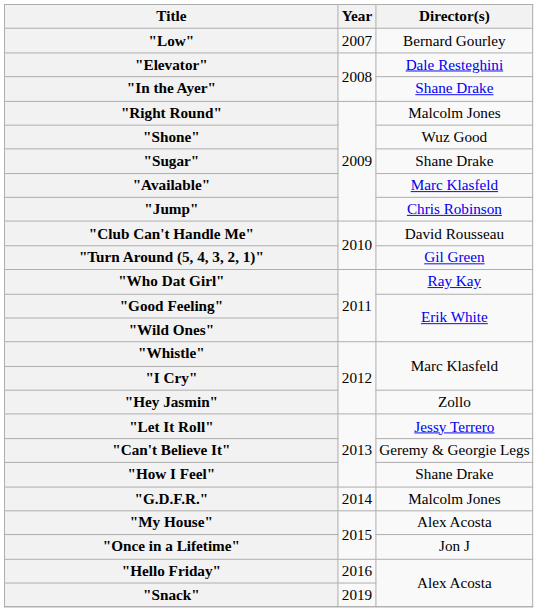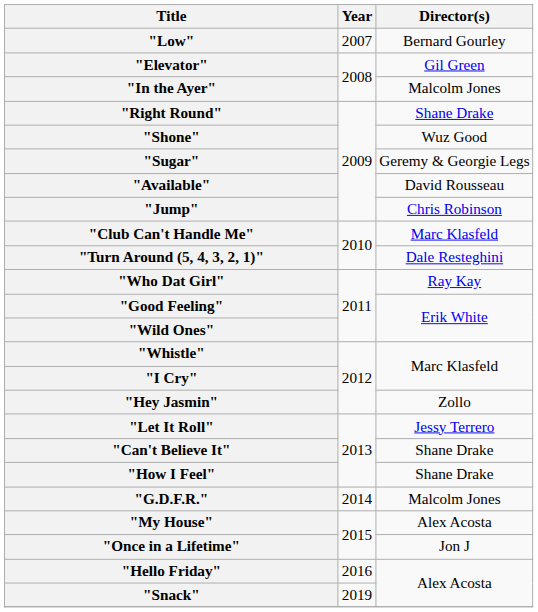 <table class="wikitable plainrowheaders" style="text-align:center;">
 <tr>
 <th scope="col" style="width:21.5em;">Title</th>
 <th scope="col">Year</th>
 <th scope="col">Director(s)</th>
 </tr>
 <tr>
 <th scope="row">"Low"<br></th>
 <td>2007</td>
 <td>Bernard Gourley</td>
 </tr>
 <tr>
 <th scope="row">"Elevator"<br></th>
 <td rowspan="2">2008</td>
-<td><a href='#'>Dale Resteghini</a></td>
+<td><a href='#'>Gil Green</a></td>
 </tr>
 <tr>
 <th scope="row">"In the Ayer"<br></th>
-<td><a href='#'>Shane Drake</a></td>
+<td>Malcolm Jones</td>
 </tr>
 <tr>
 <th scope="row">"Right Round"<br></th>
 <td rowspan="5">2009</td>
-<td>Malcolm Jones</td>
+<td><a href='#'>Shane Drake</a></td>
 </tr>
 <tr>
 <th scope="row">"Shone"<br></th>
 <td>Wuz Good</td>
 </tr>
 <tr>
 <th scope="row">"Sugar"<br></th>
-<td>Shane Drake</td>
+<td>Geremy & Georgie Legs</td>
 </tr>
 <tr>
 <th scope="row">"Available"<br></th>
-<td><a href='#'>Marc Klasfeld</a></td>
+<td>David Rousseau</td>
 </tr>
 <tr>
 <th scope="row">"Jump"<br></th>
 <td><a href='#'>Chris Robinson</a></td>
 </tr>
 <tr>
 <th scope="row">"Club Can't Handle Me"<br></th>
 <td rowspan="2">2010</td>
-<td>David Rousseau</td>
+<td><a href='#'>Marc Klasfeld</a></td>
 </tr>
 <tr>
 <th scope="row">"Turn Around (5, 4, 3, 2, 1)"</th>
-<td><a href='#'>Gil Green</a></td>
+<td><a href='#'>Dale Resteghini</a></td>
 </tr>
 <tr>
 <th scope="row">"Who Dat Girl"<br></th>
 <td rowspan="3">2011</td>
 <td><a href='#'>Ray Kay</a></td>
 </tr>
 <tr>
 <th scope="row">"Good Feeling"</th>
 <td rowspan="2"><a href='#'>Erik White</a></td>
 </tr>
 <tr>
 <th scope="row">"Wild Ones"<br></th>
 </tr>
 <tr>
 <th scope="row">"Whistle"</th>
 <td rowspan="3">2012</td>
 <td rowspan="2">Marc Klasfeld</td>
 </tr>
 <tr>
 <th scope="row">"I Cry"</th>
 </tr>
 <tr>
 <th scope="row">"Hey Jasmin"</th>
 <td>Zollo</td>
 </tr>
 <tr>
 <th scope="row">"Let It Roll"</th>
 <td rowspan="3">2013</td>
 <td><a href='#'>Jessy Terrero</a></td>
 </tr>
 <tr>
 <th scope="row">"Can't Believe It"<br></th>
-<td>Geremy & Georgie Legs</td>
+<td>Shane Drake</td>
 </tr>
 <tr>
 <th scope="row">"How I Feel"</th>
 <td>Shane Drake</td>
 </tr>
 <tr>
 <th scope="row">"G.D.F.R."<br></th>
 <td>2014</td>
 <td>Malcolm Jones</td>
 </tr>
 <tr>
 <th scope="row">"My House"</th>
 <td rowspan="2">2015</td>
 <td>Alex Acosta</td>
 </tr>
 <tr>
 <th scope="row">"Once in a Lifetime"</th>
 <td>Jon J</td>
 </tr>
 <tr>
 <th scope="row">"Hello Friday"</th>
 <td>2016</td>
 <td rowspan="2">Alex Acosta</td>
 </tr>
 <tr>
 <th scope="row">"Snack"<br></th>
 <td>2019</td>
 </tr>
 <tr>
 </tr>
 </table>
